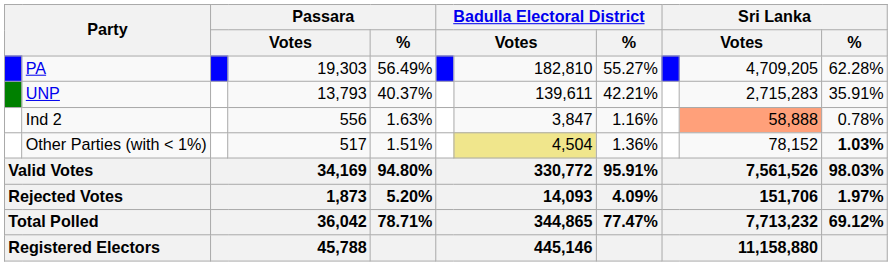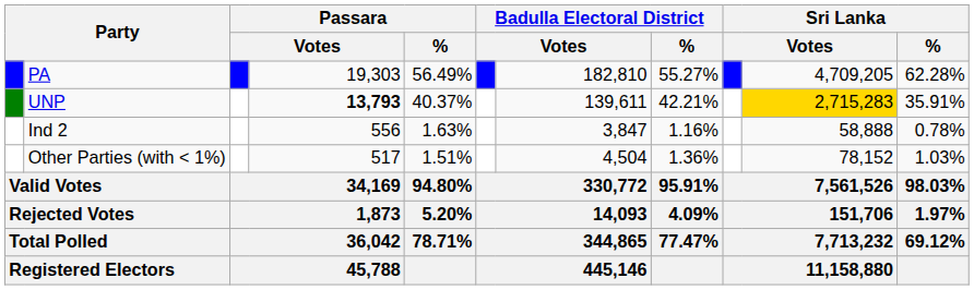 <table class="wikitable">
 <tr>
 <th colspan="2" width="144px"rowspan="2">Party</th>
 <th colspan="3" width="216px">Passara</th>
 <th colspan="3" width="216px"><a href='#'>Badulla Electoral District</a></th>
 <th colspan="3" width="216px">Sri Lanka</th>
 </tr>
 <tr>
 <th colspan="2" width="144px">Votes</th>
 <th>%</th>
 <th colspan="2" width="144px">Votes</th>
 <th>%</th>
 <th colspan="2" width="144px">Votes</th>
 <th>%</th>
 </tr>
 <tr>
 <td style="background-color:blue;" width="10px"></td>
 <td style="text-align:left;"><a href='#'>PA</a></td>
 <td style="background-color:blue;" width="10px"></td>
 <td style="text-align:right;">19,303</td>
 <td style="text-align:right;">56.49%</td>
 <td style="background-color:blue;" width="10px"></td>
 <td style="text-align:right;">182,810</td>
 <td style="text-align:right;">55.27%</td>
 <td style="background-color:blue;" width="10px"></td>
 <td style="text-align:right;">4,709,205</td>
 <td style="text-align:right;">62.28%</td>
 </tr>
 <tr>
 <td style="background-color:green;" width="10px"></td>
 <td style="text-align:left;"><a href='#'>UNP</a></td>
 <td style="background-color:white;" width="10px"></td>
-<td style="text-align:right;">13,793</td>
+<td style="text-align:right;"><strong>13,793</strong></td>
 <td style="text-align:right;">40.37%</td>
 <td style="background-color:white;" width="10px"></td>
 <td style="text-align:right;">139,611</td>
 <td style="text-align:right;">42.21%</td>
 <td style="background-color:white;" width="10px"></td>
-<td style="text-align:right;">2,715,283</td>
+<td style="background: gold; text-align:right;">2,715,283</td>
 <td style="text-align:right;">35.91%</td>
 </tr>
 <tr>
 <td style="background-color:white;" width="10px"></td>
 <td style="text-align:left;">Ind 2</td>
 <td style="background-color:white;" width="10px"></td>
 <td style="text-align:right;">556</td>
 <td style="text-align:right;">1.63%</td>
 <td style="background-color:white;" width="10px"></td>
 <td style="text-align:right;">3,847</td>
 <td style="text-align:right;">1.16%</td>
 <td style="background-color:white;" width="10px"></td>
-<td style="background: lightsalmon; text-align:right;">58,888</td>
+<td style="text-align:right;">58,888</td>
 <td style="text-align:right;">0.78%</td>
 </tr>
 <tr>
 <td style="background-color:white;" width="10px"></td>
 <td style="text-align:left;">Other Parties (with < 1%)</td>
 <td style="background-color:white;" width="10px"></td>
 <td style="text-align:right;">517</td>
 <td style="text-align:right;">1.51%</td>
 <td style="background-color:white;" width="10px"></td>
-<td style="background: khaki; text-align:right;">4,504</td>
+<td style="text-align:right;">4,504</td>
 <td style="text-align:right;">1.36%</td>
 <td style="background-color:white;" width="10px"></td>
 <td style="text-align:right;">78,152</td>
-<td style="text-align:right;"><strong>1.03%</strong></td>
+<td style="text-align:right;">1.03%</td>
 </tr>
 <tr>
 <th colspan="2" width="144px"style="text-align:left;">Valid Votes</th>
 <th style="text-align:right;"colspan="2" width="144px">34,169</th>
 <th style="text-align:right;">94.80%</th>
 <th style="text-align:right;"colspan="2" width="144px">330,772</th>
 <th style="text-align:right;">95.91%</th>
 <th style="text-align:right;"colspan="2" width="144px">7,561,526</th>
 <th style="text-align:right;">98.03%</th>
 </tr>
 <tr>
 <th colspan="2" width="144px"style="text-align:left;">Rejected Votes</th>
 <th style="text-align:right;"colspan="2" width="144px">1,873</th>
 <th style="text-align:right;">5.20%</th>
 <th style="text-align:right;"colspan="2" width="144px">14,093</th>
 <th style="text-align:right;">4.09%</th>
 <th style="text-align:right;"colspan="2" width="144px">151,706</th>
 <th style="text-align:right;">1.97%</th>
 </tr>
 <tr>
 <th colspan="2" width="144px"style="text-align:left;">Total Polled</th>
 <th style="text-align:right;"colspan="2" width="144px">36,042</th>
 <th style="text-align:right;">78.71%</th>
 <th style="text-align:right;"colspan="2" width="144px">344,865</th>
 <th style="text-align:right;">77.47%</th>
 <th style="text-align:right;"colspan="2" width="144px">7,713,232</th>
 <th style="text-align:right;">69.12%</th>
 </tr>
 <tr>
 <th colspan="2" width="144px"style="text-align:left;">Registered Electors</th>
 <th style="text-align:right;"colspan="2" width="144px">45,788</th>
 <th></th>
 <th style="text-align:right;"colspan="2" width="144px">445,146</th>
 <th></th>
 <th style="text-align:right;"colspan="2" width="144px">11,158,880</th>
 <th></th>
 </tr>
 </table>
